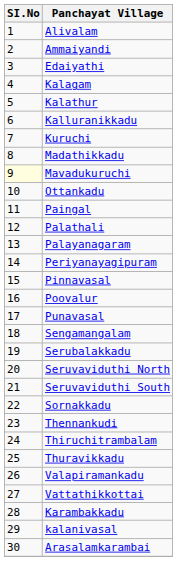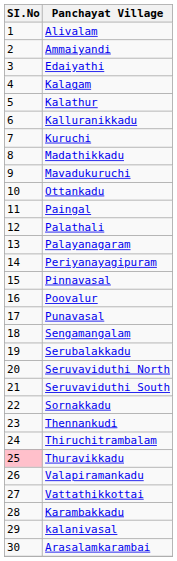 <table class="wikitable sortable">
 <tr>
 <th>SI.No</th>
 <th>Panchayat Village</th>
 </tr>
 <tr>
 <td>1</td>
 <td><a href='#'>Alivalam</a></td>
 </tr>
 <tr>
 <td>2</td>
 <td><a href='#'>Ammaiyandi</a></td>
 </tr>
 <tr>
 <td>3</td>
 <td><a href='#'>Edaiyathi</a></td>
 </tr>
 <tr>
 <td>4</td>
 <td><a href='#'>Kalagam</a></td>
 </tr>
 <tr>
 <td>5</td>
 <td><a href='#'>Kalathur</a></td>
 </tr>
 <tr>
 <td>6</td>
 <td><a href='#'>Kalluranikkadu</a></td>
 </tr>
 <tr>
 <td>7</td>
 <td><a href='#'>Kuruchi</a></td>
 </tr>
 <tr>
 <td>8</td>
 <td><a href='#'>Madathikkadu</a></td>
 </tr>
 <tr>
-<td style="background: lightyellow;">9</td>
+<td>9</td>
 <td><a href='#'>Mavadukuruchi</a></td>
 </tr>
 <tr>
 <td>10</td>
 <td><a href='#'>Ottankadu</a></td>
 </tr>
 <tr>
 <td>11</td>
 <td><a href='#'>Paingal</a></td>
 </tr>
 <tr>
 <td>12</td>
 <td><a href='#'>Palathali</a></td>
 </tr>
 <tr>
 <td>13</td>
 <td><a href='#'>Palayanagaram</a></td>
 </tr>
 <tr>
 <td>14</td>
 <td><a href='#'>Periyanayagipuram</a></td>
 </tr>
 <tr>
 <td>15</td>
 <td><a href='#'>Pinnavasal</a></td>
 </tr>
 <tr>
 <td>16</td>
 <td><a href='#'>Poovalur</a></td>
 </tr>
 <tr>
 <td>17</td>
 <td><a href='#'>Punavasal</a></td>
 </tr>
 <tr>
 <td>18</td>
 <td><a href='#'>Sengamangalam</a></td>
 </tr>
 <tr>
 <td>19</td>
 <td><a href='#'>Serubalakkadu</a></td>
 </tr>
 <tr>
 <td>20</td>
 <td><a href='#'>Seruvaviduthi North</a></td>
 </tr>
 <tr>
 <td>21</td>
 <td><a href='#'>Seruvaviduthi South</a></td>
 </tr>
 <tr>
 <td>22</td>
 <td><a href='#'>Sornakkadu</a></td>
 </tr>
 <tr>
 <td>23</td>
 <td><a href='#'>Thennankudi</a></td>
 </tr>
 <tr>
 <td>24</td>
 <td><a href='#'>Thiruchitrambalam</a></td>
 </tr>
 <tr>
-<td>25</td>
+<td style="background: pink;">25</td>
 <td><a href='#'>Thuravikkadu</a></td>
 </tr>
 <tr>
 <td>26</td>
 <td><a href='#'>Valapiramankadu</a></td>
 </tr>
 <tr>
 <td>27</td>
 <td><a href='#'>Vattathikkottai</a></td>
 </tr>
 <tr>
 <td>28</td>
 <td><a href='#'>Karambakkadu</a></td>
 </tr>
 <tr>
 <td>29</td>
 <td><a href='#'>kalanivasal</a></td>
 </tr>
 <tr>
 <td>30</td>
 <td><a href='#'>Arasalamkarambai</a></td>
 </tr>
 <tr>
 </tr>
 </table>
